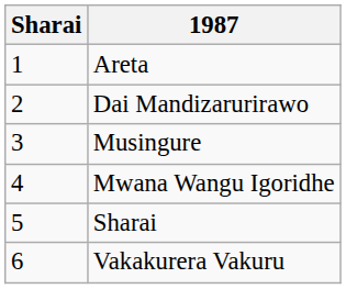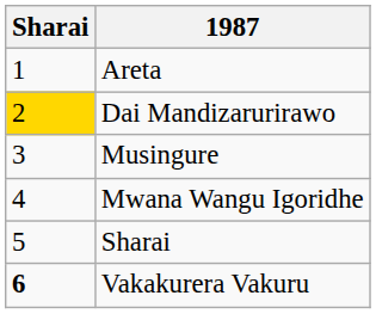 <table class="wikitable">
 <tr>
 <th>Sharai</th>
 <th>1987</th>
 </tr>
 <tr>
 <td>1</td>
 <td>Areta</td>
 </tr>
 <tr>
-<td>2</td>
+<td style="background: gold;">2</td>
 <td>Dai Mandizarurirawo</td>
 </tr>
 <tr>
 <td>3</td>
 <td>Musingure</td>
 </tr>
 <tr>
 <td>4</td>
 <td>Mwana Wangu Igoridhe</td>
 </tr>
 <tr>
 <td>5</td>
 <td>Sharai</td>
 </tr>
 <tr>
-<td>6</td>
+<td><strong>6</strong></td>
 <td>Vakakurera Vakuru</td>
 </tr>
 </table>
